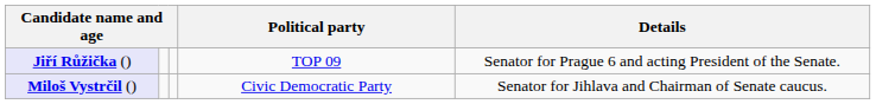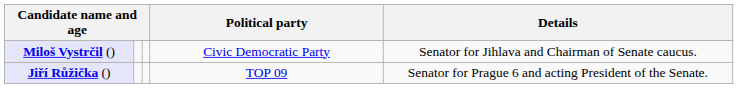 <table class="wikitable" style="text-align:center;">
 <tr>
 <th colspan="3" style="width:20%;">Candidate name and age</th>
 <th>Political party</th>
 <th style="width:48%;">Details</th>
+</tr>
+<tr>
+<td style="background:lavender;"><strong><a href='#'>Miloš Vystrčil</a></strong> ()</td>
+<td></td>
+<td style="background-color:"></td>
+<td><a href='#'>Civic Democratic Party</a></td>
+<td>Senator for Jihlava and Chairman of Senate caucus.</td>
 </tr>
 <tr>
 <td style="background:lavender;"><strong><a href='#'>Jiří Růžička</a></strong> ()</td>
 <td></td>
 <td style="background-color:"></td>
 <td><a href='#'>TOP 09</a></td>
 <td>Senator for Prague 6 and acting President of the Senate.</td>
 </tr>
-<tr>
-<td style="background:lavender;"><strong><a href='#'>Miloš Vystrčil</a></strong> ()</td>
-<td></td>
-<td style="background-color:"></td>
-<td><a href='#'>Civic Democratic Party</a></td>
-<td>Senator for Jihlava and Chairman of Senate caucus.</td>
-</tr>
 </table>
